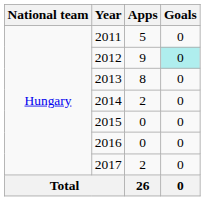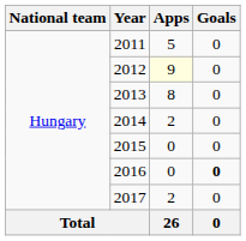 <table class="wikitable" style="text-align:center">
 <tr>
 <th>National team</th>
 <th>Year</th>
 <th>Apps</th>
 <th>Goals</th>
 </tr>
 <tr>
 <td rowspan="7"><a href='#'>Hungary</a></td>
 <td>2011</td>
 <td>5</td>
 <td>0</td>
 </tr>
 <tr>
 <td>2012</td>
-<td>9</td>
-<td style="background: paleturquoise;">0</td>
+<td style="background: lightyellow;">9</td>
+<td>0</td>
 </tr>
 <tr>
 <td>2013</td>
 <td>8</td>
 <td>0</td>
 </tr>
 <tr>
 <td>2014</td>
 <td>2</td>
 <td>0</td>
 </tr>
 <tr>
 <td>2015</td>
 <td>0</td>
 <td>0</td>
 </tr>
 <tr>
 <td>2016</td>
 <td>0</td>
-<td>0</td>
+<td><strong>0</strong></td>
 </tr>
 <tr>
 <td>2017</td>
 <td>2</td>
 <td>0</td>
 </tr>
 <tr>
 <th colspan="2">Total</th>
 <th>26</th>
 <th>0</th>
 </tr>
 </table>
